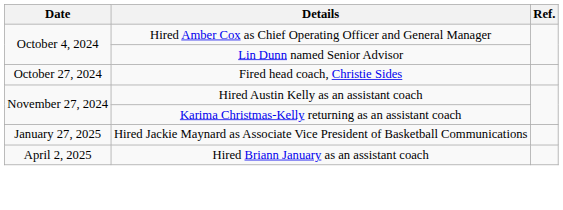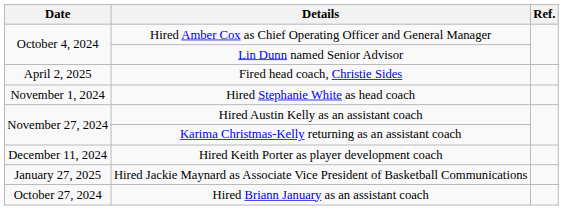 <table class="wikitable sortable" style="text-align: center">
 <tr>
 <th>Date</th>
 <th>Details</th>
 <th>Ref.</th>
 </tr>
 <tr>
 <td rowspan=2>October 4, 2024</td>
 <td>Hired <a href='#'>Amber Cox</a> as Chief Operating Officer and General Manager</td>
 <td rowspan=2></td>
 </tr>
 <tr>
 <td><a href='#'>Lin Dunn</a> named Senior Advisor</td>
 </tr>
 <tr>
-<td>October 27, 2024</td>
+<td>April 2, 2025</td>
 <td>Fired head coach, <a href='#'>Christie Sides</a></td>
+<td></td>
+</tr>
+<tr>
+<td>November 1, 2024</td>
+<td>Hired <a href='#'>Stephanie White</a> as head coach</td>
 <td></td>
 </tr>
 <tr>
 <td rowspan=2>November 27, 2024</td>
 <td>Hired Austin Kelly as an assistant coach</td>
 <td rowspan=2></td>
 </tr>
 <tr>
 <td><a href='#'>Karima Christmas-Kelly</a> returning as an assistant coach</td>
 </tr>
 <tr>
+<td>December 11, 2024</td>
+<td>Hired Keith Porter as player development coach</td>
+<td></td>
+</tr>
+<tr>
 <td>January 27, 2025</td>
 <td>Hired Jackie Maynard as Associate Vice President of Basketball Communications</td>
 <td></td>
 </tr>
 <tr>
-<td>April 2, 2025</td>
+<td>October 27, 2024</td>
 <td>Hired <a href='#'>Briann January</a> as an assistant coach</td>
 <td></td>
 </tr>
 </table>
